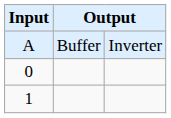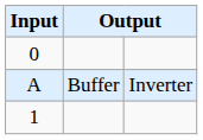 <table class="wikitable" style="text-align:center;">
 <tr style="background:#def;">
 <td colspan=1><strong>Input</strong></td>
 <td colspan=2><strong>Output</strong></td>
+</tr>
+<tr>
+<td>0</td>
+<td></td>
+<td></td>
 </tr>
 <tr style="background:#def;">
 <td>A</td>
 <td>Buffer</td>
 <td>Inverter</td>
 </tr>
 <tr>
-<td>0</td>
-<td></td>
-<td></td>
-</tr>
-<tr>
 <td>1</td>
 <td></td>
 <td></td>
 </tr>
 </table>
